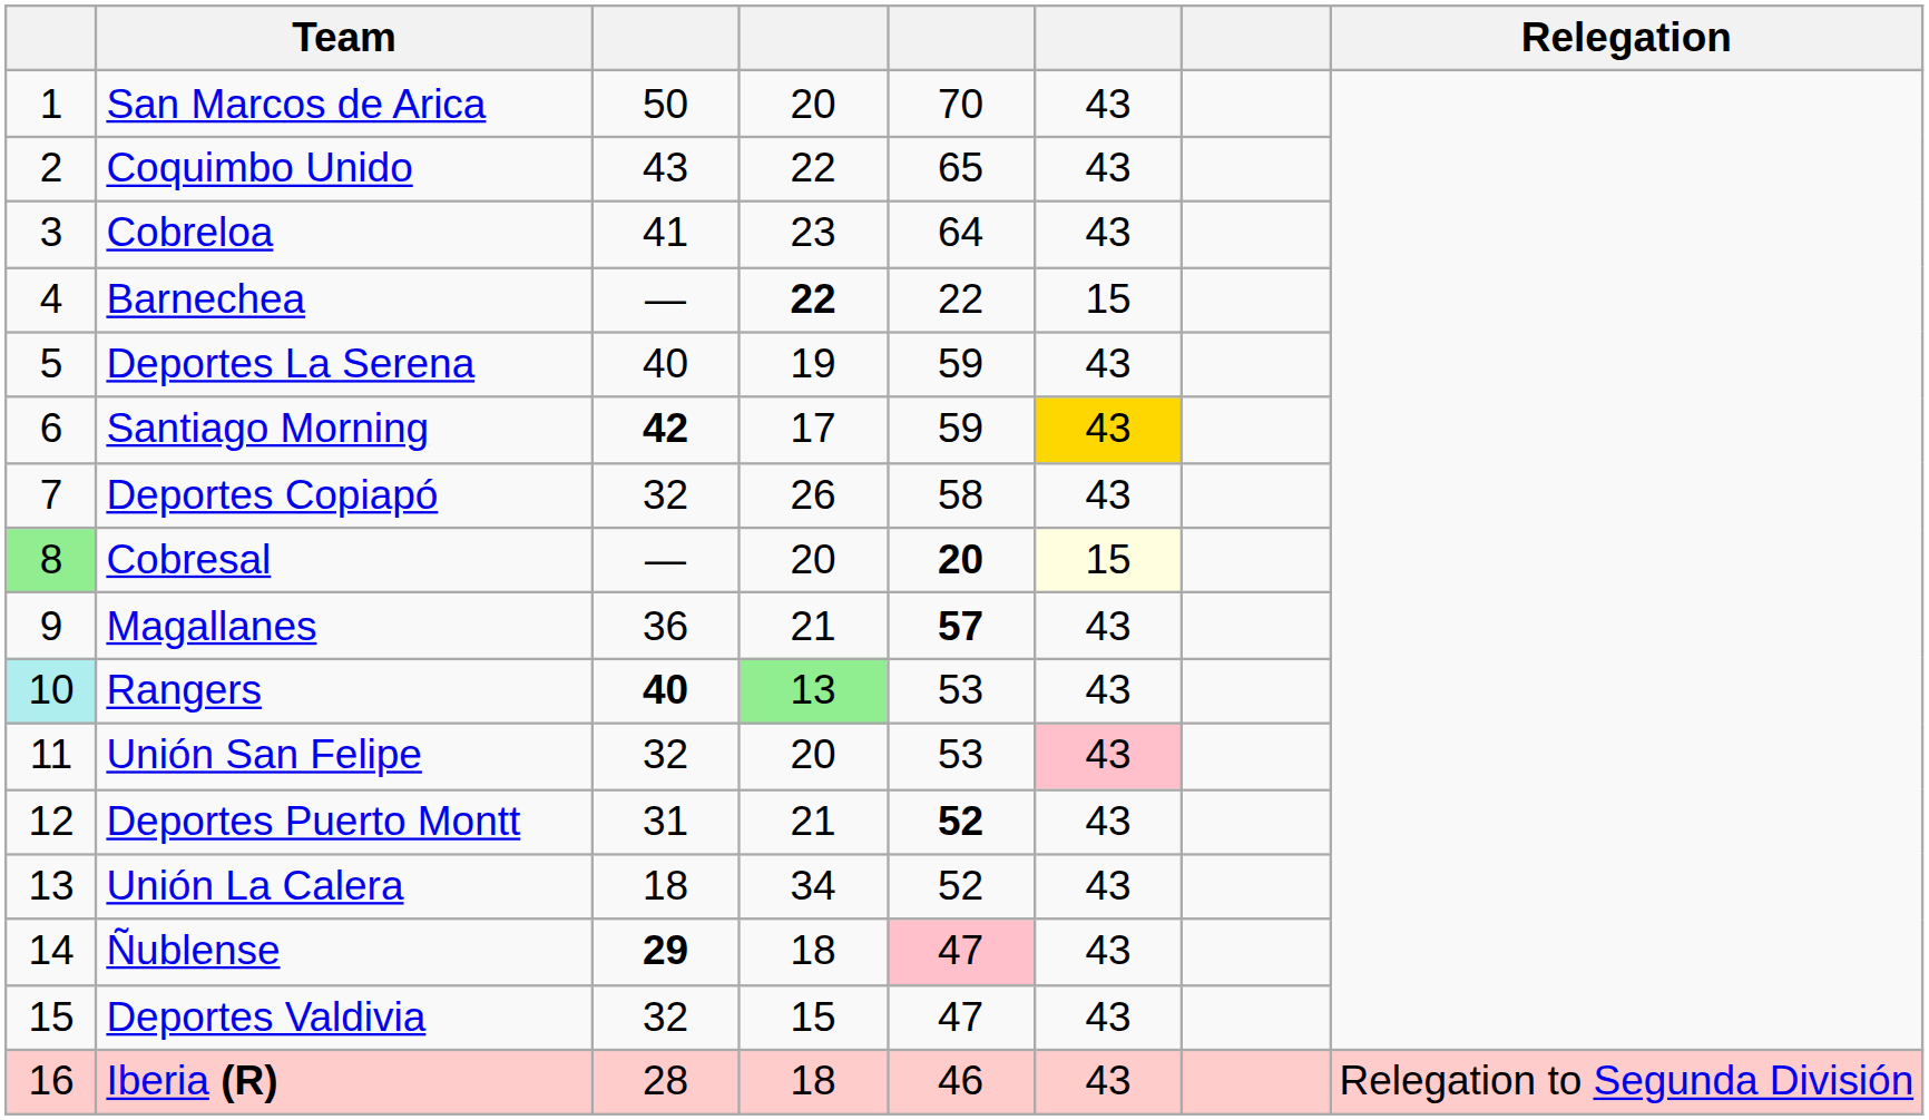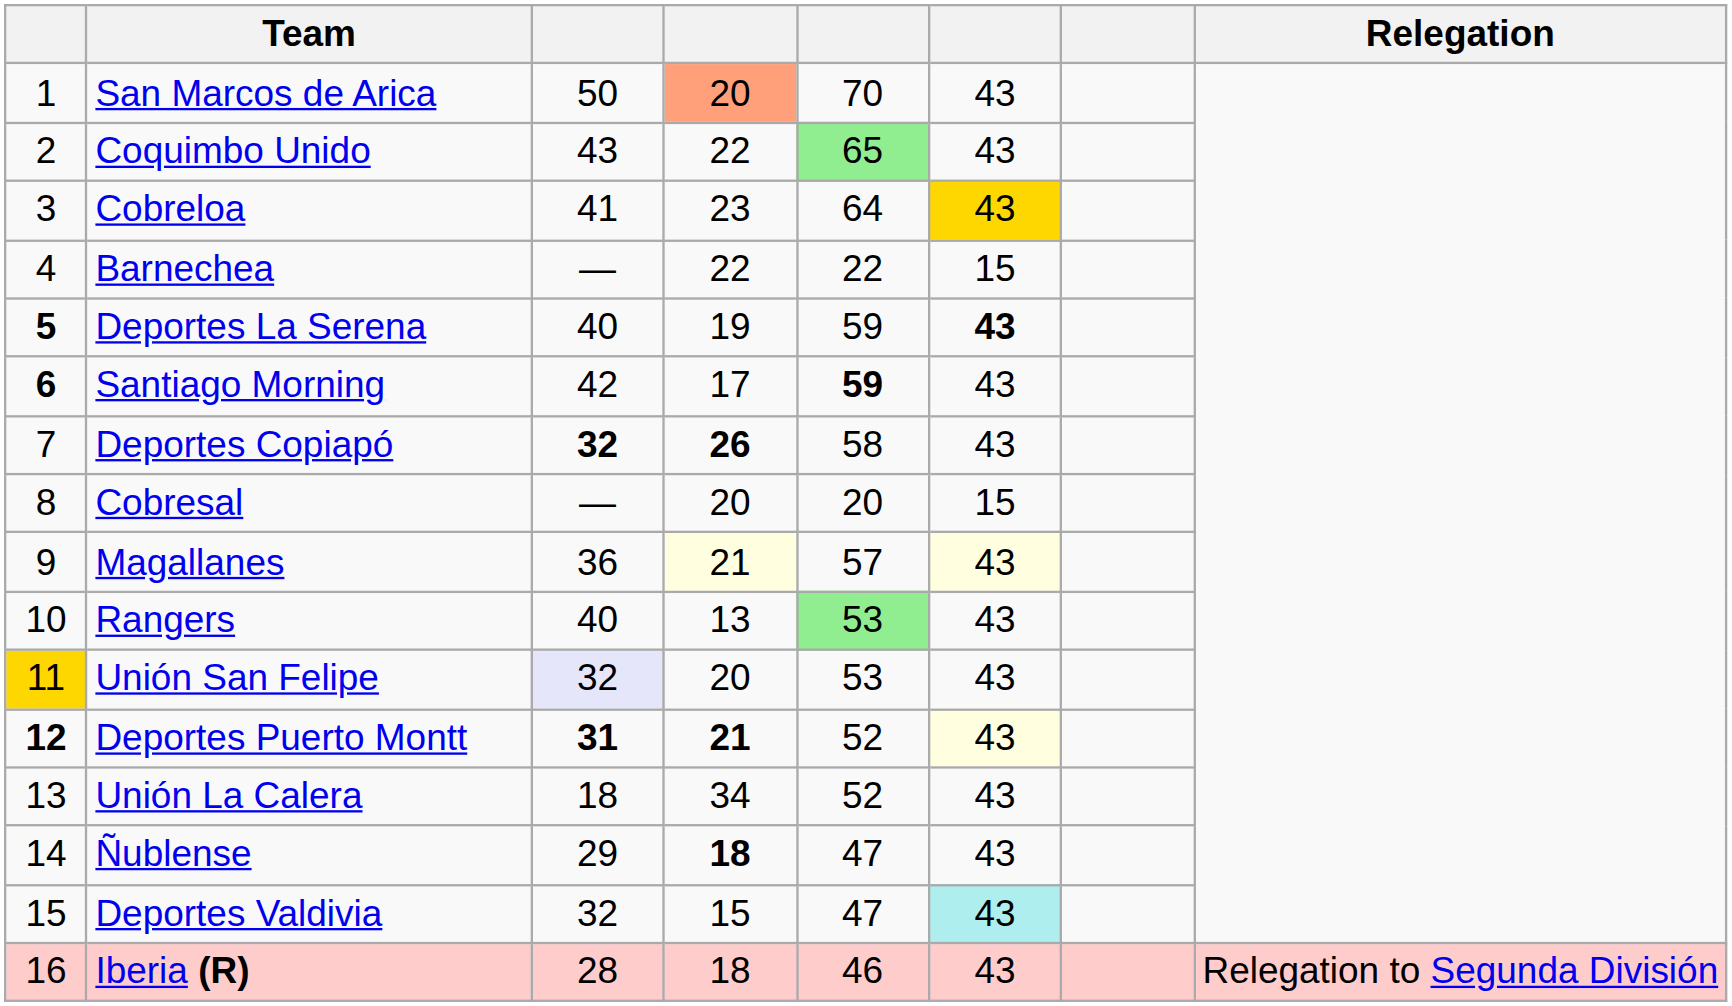 <table class="wikitable" style="text-align: center;">
 <tr>
 <th width=28><br></th>
 <th width=185>Team</th>
 <th width=50></th>
 <th width=50></th>
 <th width=50></th>
 <th width=50></th>
 <th width=50><br></th>
 <th>Relegation</th>
 </tr>
 <tr>
 <td>1</td>
 <td align="left"><a href='#'>San Marcos de Arica</a></td>
 <td>50</td>
-<td>20</td>
+<td style="background: lightsalmon;">20</td>
 <td>70</td>
 <td>43</td>
 <td><strong></strong></td>
 </tr>
 <tr>
 <td>2</td>
 <td align="left"><a href='#'>Coquimbo Unido</a></td>
 <td>43</td>
 <td>22</td>
-<td>65</td>
+<td style="background: lightgreen;">65</td>
 <td>43</td>
 <td><strong></strong></td>
 </tr>
 <tr>
 <td>3</td>
 <td align="left"><a href='#'>Cobreloa</a></td>
 <td>41</td>
 <td>23</td>
 <td>64</td>
-<td>43</td>
+<td style="background: gold;">43</td>
 <td><strong></strong></td>
 </tr>
 <tr>
 <td>4</td>
 <td align="left"><a href='#'>Barnechea</a></td>
 <td>—</td>
-<td><strong>22</strong></td>
+<td>22</td>
 <td>22</td>
 <td>15</td>
 <td><strong></strong></td>
 </tr>
 <tr>
-<td>5</td>
+<td><strong>5</strong></td>
 <td align="left"><a href='#'>Deportes La Serena</a></td>
 <td>40</td>
 <td>19</td>
 <td>59</td>
-<td>43</td>
+<td><strong>43</strong></td>
 <td><strong></strong></td>
 </tr>
 <tr>
-<td>6</td>
+<td><strong>6</strong></td>
 <td align="left"><a href='#'>Santiago Morning</a></td>
-<td><strong>42</strong></td>
+<td>42</td>
 <td>17</td>
-<td>59</td>
-<td style="background: gold;">43</td>
+<td><strong>59</strong></td>
+<td>43</td>
 <td><strong></strong></td>
 </tr>
 <tr>
 <td>7</td>
 <td align="left"><a href='#'>Deportes Copiapó</a></td>
-<td>32</td>
-<td>26</td>
+<td><strong>32</strong></td>
+<td><strong>26</strong></td>
 <td>58</td>
 <td>43</td>
 <td><strong></strong></td>
 </tr>
 <tr>
-<td style="background: lightgreen;">8</td>
+<td>8</td>
 <td align="left"><a href='#'>Cobresal</a></td>
 <td>—</td>
 <td>20</td>
-<td><strong>20</strong></td>
-<td style="background: lightyellow;">15</td>
+<td>20</td>
+<td>15</td>
 <td><strong></strong></td>
 </tr>
 <tr>
 <td>9</td>
 <td align="left"><a href='#'>Magallanes</a></td>
 <td>36</td>
-<td>21</td>
-<td><strong>57</strong></td>
+<td style="background: lightyellow;">21</td>
+<td>57</td>
+<td style="background: lightyellow;">43</td>
+<td><strong></strong></td>
+</tr>
+<tr>
+<td>10</td>
+<td align="left"><a href='#'>Rangers</a></td>
+<td>40</td>
+<td>13</td>
+<td style="background: lightgreen;">53</td>
 <td>43</td>
 <td><strong></strong></td>
 </tr>
 <tr>
-<td style="background: paleturquoise;">10</td>
-<td align="left"><a href='#'>Rangers</a></td>
-<td><strong>40</strong></td>
-<td style="background: lightgreen;">13</td>
+<td style="background: gold;">11</td>
+<td align="left"><a href='#'>Unión San Felipe</a></td>
+<td style="background: lavender;">32</td>
+<td>20</td>
 <td>53</td>
 <td>43</td>
 <td><strong></strong></td>
 </tr>
 <tr>
-<td>11</td>
-<td align="left"><a href='#'>Unión San Felipe</a></td>
-<td>32</td>
-<td>20</td>
-<td>53</td>
-<td style="background: pink;">43</td>
-<td><strong></strong></td>
-</tr>
-<tr>
-<td>12</td>
+<td><strong>12</strong></td>
 <td align="left"><a href='#'>Deportes Puerto Montt</a></td>
-<td>31</td>
-<td>21</td>
-<td><strong>52</strong></td>
-<td>43</td>
+<td><strong>31</strong></td>
+<td><strong>21</strong></td>
+<td>52</td>
+<td style="background: lightyellow;">43</td>
 <td><strong></strong></td>
 </tr>
 <tr>
 <td>13</td>
 <td align="left"><a href='#'>Unión La Calera</a></td>
 <td>18</td>
 <td>34</td>
 <td>52</td>
 <td>43</td>
 <td><strong></strong></td>
 </tr>
 <tr>
 <td>14</td>
 <td align="left"><a href='#'>Ñublense</a></td>
-<td><strong>29</strong></td>
-<td>18</td>
-<td style="background: pink;">47</td>
+<td>29</td>
+<td><strong>18</strong></td>
+<td>47</td>
 <td>43</td>
 <td><strong></strong></td>
 </tr>
 <tr>
 <td>15</td>
 <td align="left"><a href='#'>Deportes Valdivia</a></td>
 <td>32</td>
 <td>15</td>
 <td>47</td>
-<td>43</td>
+<td style="background: paleturquoise;">43</td>
 <td><strong></strong></td>
 </tr>
 <tr bgcolor=#FFCCCC>
 <td>16</td>
 <td align="left"><a href='#'>Iberia</a> <strong>(R)</strong></td>
 <td>28</td>
 <td>18</td>
 <td>46</td>
 <td>43</td>
 <td><strong></strong></td>
 <td>Relegation to <a href='#'>Segunda División</a></td>
 </tr>
 </table>
